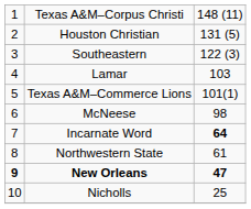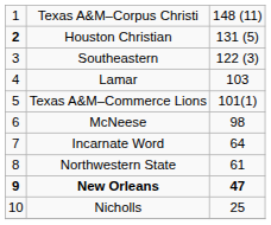 <table class="wikitable">
 <tr align="center">
 <td>1</td>
 <td>Texas A&M–Corpus Christi</td>
 <td>148 (11)</td>
 </tr>
 <tr align="center">
-<td>2</td>
+<td><strong>2</strong></td>
 <td>Houston Christian</td>
 <td>131 (5)</td>
 </tr>
 <tr align="center">
 <td>3</td>
 <td>Southeastern</td>
 <td>122 (3)</td>
 </tr>
 <tr align="center">
 <td>4</td>
 <td>Lamar</td>
 <td>103</td>
 </tr>
 <tr align="center">
 <td>5</td>
 <td>Texas A&M–Commerce Lions</td>
 <td>101(1)</td>
 </tr>
 <tr align="center">
 <td>6</td>
 <td>McNeese</td>
 <td>98</td>
 </tr>
 <tr align="center">
 <td>7</td>
 <td>Incarnate Word</td>
-<td><strong>64</strong></td>
+<td>64</td>
 </tr>
 <tr align="center">
 <td>8</td>
 <td>Northwestern State</td>
 <td>61</td>
 </tr>
 <tr align="center">
 <td><strong>9</strong></td>
 <td><strong>New Orleans</strong></td>
 <td><strong>47</strong></td>
 </tr>
 <tr align="center">
 <td>10</td>
 <td>Nicholls</td>
 <td>25</td>
 </tr>
 <tr align="center">
 </tr>
 </table>
